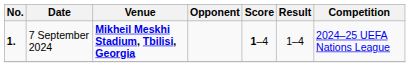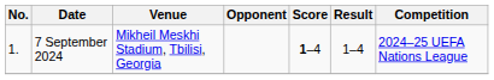 <table class="wikitable">
 <tr>
 <th>No.</th>
 <th>Date</th>
 <th>Venue</th>
 <th>Opponent</th>
 <th>Score</th>
 <th>Result</th>
 <th>Competition</th>
 </tr>
 <tr>
-<td><strong>1.</strong></td>
+<td>1.</td>
 <td>7 September 2024</td>
-<td><strong><a href='#'>Mikheil Meskhi Stadium</a>, <a href='#'>Tbilisi</a>, <a href='#'>Georgia</a></strong></td>
+<td><a href='#'>Mikheil Meskhi Stadium</a>, <a href='#'>Tbilisi</a>, <a href='#'>Georgia</a></td>
 <td></td>
 <td align=center><strong>1</strong>–4</td>
 <td align=center>1–4</td>
 <td><a href='#'>2024–25 UEFA Nations League</a></td>
 </tr>
 <tr>
 </tr>
 </table>
